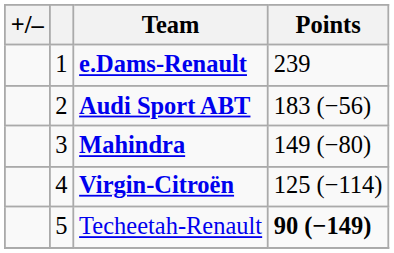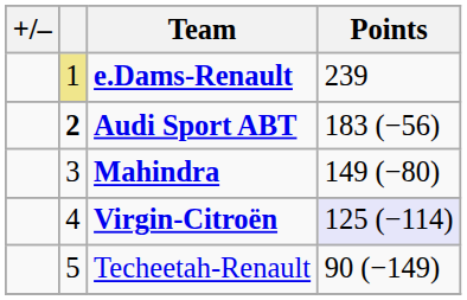 <table class="wikitable" style="font-size: 85%">
 <tr>
 <th scope="col">+/–</th>
 <th scope="col"></th>
 <th scope="col">Team</th>
 <th scope="col">Points</th>
 </tr>
 <tr>
 <td align="left"></td>
-<td align="center">1</td>
+<td align="center" style="background: khaki;">1</td>
 <td> <strong><a href='#'>e.Dams-Renault</a></strong></td>
 <td align="left">239</td>
 </tr>
 <tr>
 <td align="left"></td>
-<td align="center">2</td>
+<td align="center"><strong>2</strong></td>
 <td> <strong><a href='#'>Audi Sport ABT</a></strong></td>
 <td align="left">183 (−56)</td>
 </tr>
 <tr>
 <td align="left"></td>
 <td align="center">3</td>
 <td> <strong><a href='#'>Mahindra</a></strong></td>
 <td align="left">149 (−80)</td>
 </tr>
 <tr>
 <td align="left"></td>
 <td align="center">4</td>
 <td> <strong><a href='#'>Virgin-Citroën</a></strong></td>
-<td align="left">125 (−114)</td>
+<td align="left" style="background: lavender;">125 (−114)</td>
 </tr>
 <tr>
 <td align="left"></td>
 <td align="center">5</td>
 <td> <a href='#'>Techeetah-Renault</a></td>
-<td align="left"><strong>90 (−149)</strong></td>
+<td align="left">90 (−149)</td>
 </tr>
 <tr>
 </tr>
 </table>
